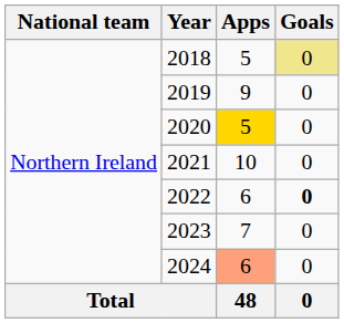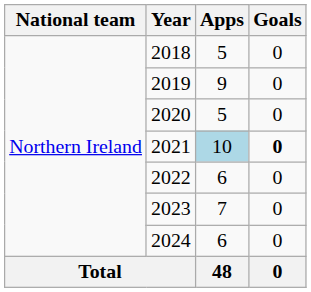 <table class="wikitable" style="text-align: center;">
 <tr>
 <th>National team</th>
 <th>Year</th>
 <th>Apps</th>
 <th>Goals</th>
 </tr>
 <tr>
 <td rowspan="7"><a href='#'>Northern Ireland</a></td>
 <td>2018</td>
 <td>5</td>
-<td style="background: khaki;">0</td>
+<td>0</td>
 </tr>
 <tr>
 <td>2019</td>
 <td>9</td>
 <td>0</td>
 </tr>
 <tr>
 <td>2020</td>
-<td style="background: gold;">5</td>
+<td>5</td>
 <td>0</td>
 </tr>
 <tr>
 <td>2021</td>
-<td>10</td>
-<td>0</td>
+<td style="background: lightblue;">10</td>
+<td><strong>0</strong></td>
 </tr>
 <tr>
 <td>2022</td>
 <td>6</td>
-<td><strong>0</strong></td>
+<td>0</td>
 </tr>
 <tr>
 <td>2023</td>
 <td>7</td>
 <td>0</td>
 </tr>
 <tr>
 <td>2024</td>
-<td style="background: lightsalmon;">6</td>
+<td>6</td>
 <td>0</td>
 </tr>
 <tr>
 <th colspan="2">Total</th>
 <th>48</th>
 <th>0</th>
 </tr>
 </table>
